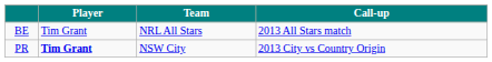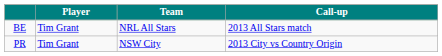 <table class="wikitable sortable" style="width:700px;">
 <tr style="background:#bdb76b;">
 </tr>
 <tr bgcolor=#bdb76b>
 <th style="background:teal; color:white; text-align:center;"></th>
 <th style="background:teal; color:white; text-align:center;">Player</th>
 <th style="background:teal; color:white; text-align:center;">Team</th>
 <th style="background:teal; color:white; text-align:center;">Call-up</th>
 </tr>
 <tr>
 <td style="text-align:center"><a href='#'>BE</a></td>
 <td><a href='#'>Tim Grant</a></td>
 <td><a href='#'>NRL All Stars</a></td>
 <td><a href='#'>2013 All Stars match</a></td>
 </tr>
 <tr>
 <td style="text-align:center"><a href='#'>PR</a></td>
-<td><strong><a href='#'>Tim Grant</a></strong></td>
+<td><a href='#'>Tim Grant</a></td>
 <td> <a href='#'>NSW City</a></td>
 <td><a href='#'>2013 City vs Country Origin</a></td>
 </tr>
 </table>
